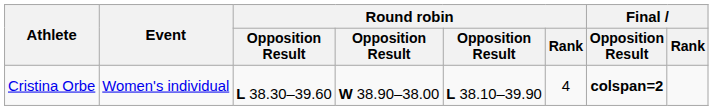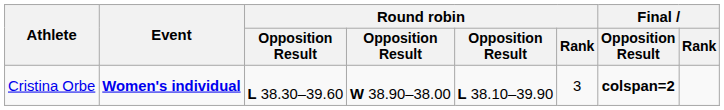 <table class=wikitable style=font-size:90%;text-align:center>
 <tr>
 <th rowspan=2>Athlete</th>
 <th rowspan=2>Event</th>
 <th colspan=4>Round robin</th>
 <th colspan=2>Final / </th>
 </tr>
 <tr style=font-size:95%>
 <th>Opposition<br>Result</th>
 <th>Opposition<br>Result</th>
 <th>Opposition<br>Result</th>
 <th>Rank</th>
 <th>Opposition<br>Result</th>
 <th>Rank</th>
 </tr>
 <tr align=center>
 <td align=left><a href='#'>Cristina Orbe</a></td>
-<td align=left><a href='#'>Women's individual</a></td>
+<td align=left><strong><a href='#'>Women's individual</a></strong></td>
 <td><br><strong>L</strong> 38.30–39.60</td>
 <td><br><strong>W</strong> 38.90–38.00</td>
 <td><br><strong>L</strong> 38.10–39.90</td>
-<td>4</td>
+<td>3</td>
 <td><strong>colspan=2 </strong></td>
 </tr>
 </table>
